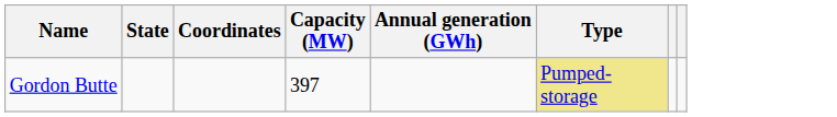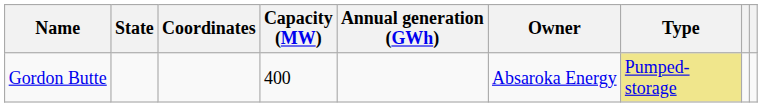 <table class="wikitable sortable">
 <tr>
 <th>Name</th>
 <th>State</th>
 <th>Coordinates</th>
 <th>Capacity<br>(<a href='#'>MW</a>)</th>
 <th>Annual generation<br>(<a href='#'>GWh</a>)</th>
+<th>Owner</th>
 <th style="width: 100px">Type</th>
 <th></th>
 <th class="unsortable"></th>
 </tr>
 <tr>
 <td><a href='#'>Gordon Butte</a></td>
 <td></td>
 <td></td>
-<td>397</td>
+<td>400</td>
 <td></td>
+<td><a href='#'>Absaroka Energy</a></td>
 <td style="background: khaki;"><a href='#'>Pumped-storage</a></td>
 <td></td>
 <td></td>
 </tr>
 </table>
